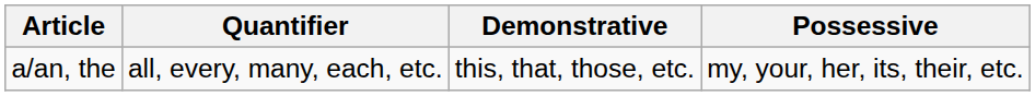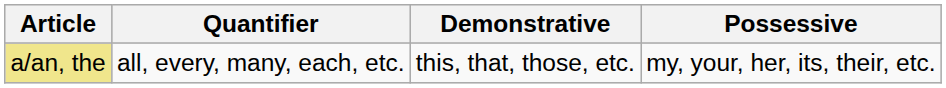 <table class="wikitable">
 <tr>
 <th>Article</th>
 <th>Quantifier</th>
 <th>Demonstrative</th>
 <th>Possessive</th>
 </tr>
 <tr>
-<td>a/an, the</td>
+<td style="background: khaki;">a/an, the</td>
 <td>all, every, many, each, etc.</td>
 <td>this, that, those, etc.</td>
 <td>my, your, her, its, their, etc.</td>
 </tr>
 </table>
